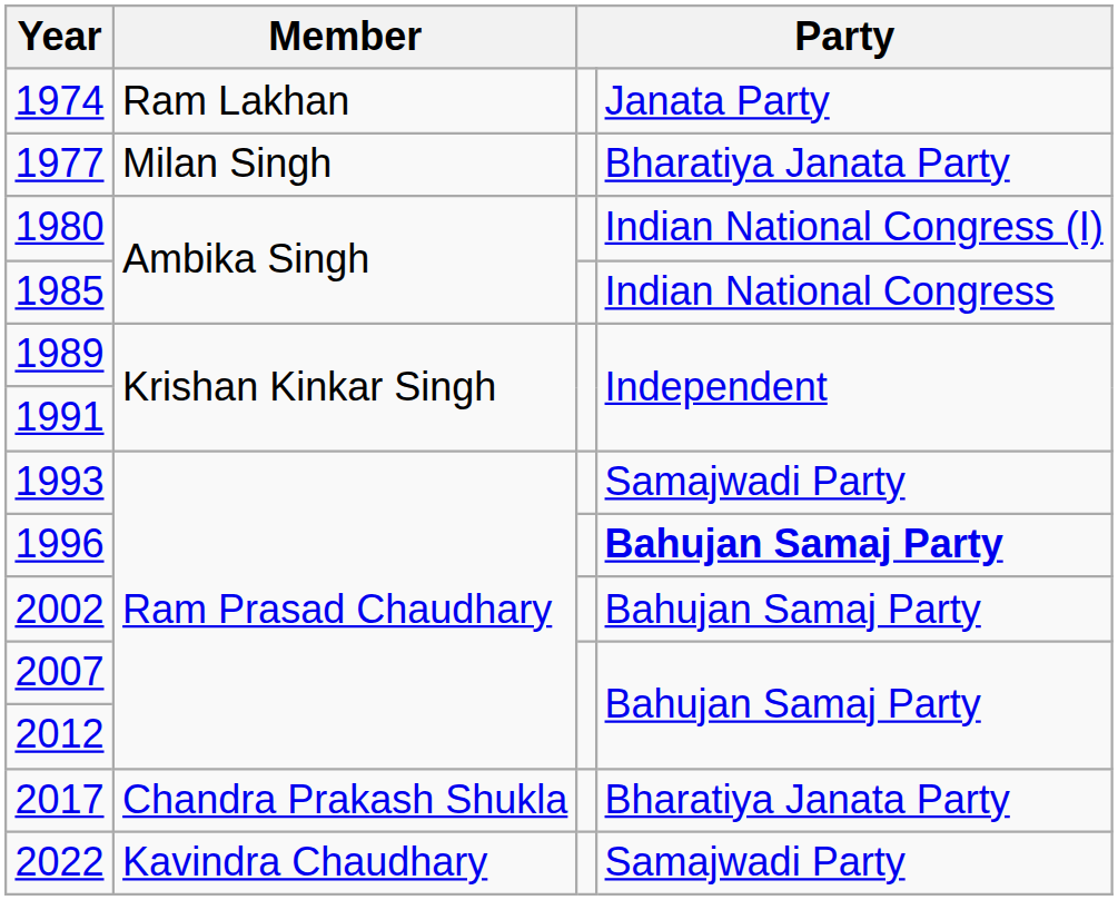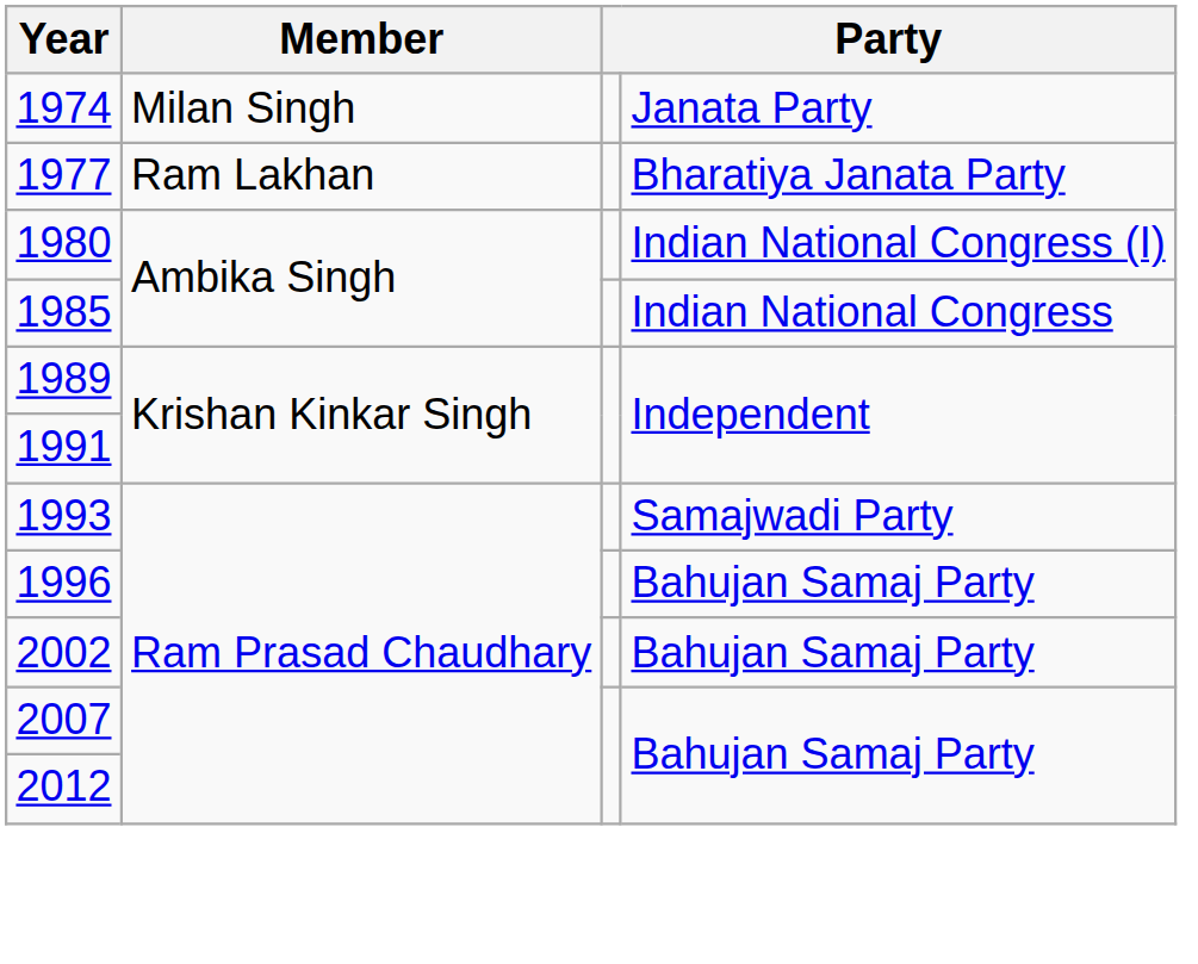 <table class="wikitable">
 <tr>
 <th>Year</th>
 <th>Member</th>
 <th colspan="2">Party</th>
 </tr>
 <tr>
 <td><a href='#'>1974</a></td>
-<td>Ram Lakhan</td>
+<td>Milan Singh</td>
 <td style="background-color: "></td>
 <td><a href='#'>Janata Party</a></td>
 </tr>
 <tr>
 <td><a href='#'>1977</a></td>
-<td>Milan Singh</td>
+<td>Ram Lakhan</td>
 <td style="background-color: "></td>
 <td><a href='#'>Bharatiya Janata Party</a></td>
 </tr>
 <tr>
 <td><a href='#'>1980</a></td>
 <td rowspan="2">Ambika Singh</td>
 <td style="background-color: "></td>
 <td><a href='#'>Indian National Congress (I)</a></td>
 </tr>
 <tr>
 <td><a href='#'>1985</a></td>
 <td style="background-color: "></td>
 <td><a href='#'>Indian National Congress</a></td>
 </tr>
 <tr>
 <td><a href='#'>1989</a></td>
 <td rowspan="2">Krishan Kinkar Singh</td>
 <td rowspan="2" style="background-color: "></td>
 <td rowspan="2"><a href='#'>Independent</a></td>
 </tr>
 <tr>
 <td><a href='#'>1991</a></td>
 </tr>
 <tr>
 <td><a href='#'>1993</a></td>
 <td rowspan="5"><a href='#'>Ram Prasad Chaudhary</a></td>
 <td style="background-color: "></td>
 <td><a href='#'>Samajwadi Party</a></td>
 </tr>
 <tr>
 <td><a href='#'>1996</a></td>
 <td style="background-color: "></td>
-<td><strong><a href='#'>Bahujan Samaj Party</a></strong></td>
+<td><a href='#'>Bahujan Samaj Party</a></td>
 </tr>
 <tr>
 <td><a href='#'>2002</a></td>
 <td style="background-color: "></td>
 <td><a href='#'>Bahujan Samaj Party</a></td>
 </tr>
 <tr>
 <td><a href='#'>2007</a></td>
 <td rowspan="2" style="background-color: "></td>
 <td rowspan="2"><a href='#'>Bahujan Samaj Party</a></td>
 </tr>
 <tr>
 <td><a href='#'>2012</a></td>
 </tr>
-<tr>
-<td><a href='#'>2017</a></td>
-<td><a href='#'>Chandra Prakash Shukla</a></td>
-<td style="background-color: "></td>
-<td><a href='#'>Bharatiya Janata Party</a></td>
-</tr>
-<tr>
-<td><a href='#'>2022</a></td>
-<td><a href='#'>Kavindra Chaudhary</a></td>
-<td style="background-color: "></td>
-<td><a href='#'>Samajwadi Party</a></td>
-</tr>
 </table>
